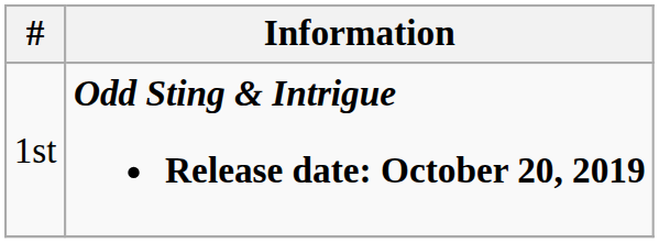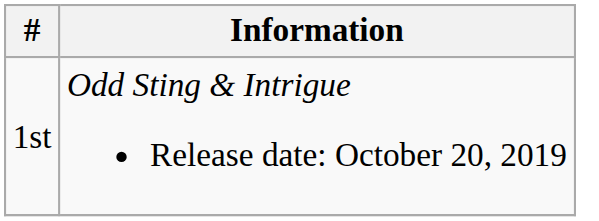 <table class="wikitable">
 <tr>
 <th>#</th>
 <th>Information</th>
 </tr>
 <tr>
 <td align="center">1st</td>
-<td align="left"><strong><em>Odd Sting & Intrigue</em><br><ul><li>Release date: October 20, 2019</li></ul></strong></td>
+<td align="left"><em>Odd Sting & Intrigue</em><br><ul><li>Release date: October 20, 2019</li></ul></td>
 </tr>
 <tr>
 </tr>
 </table>
